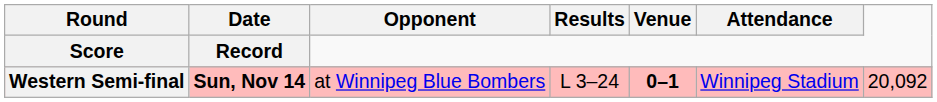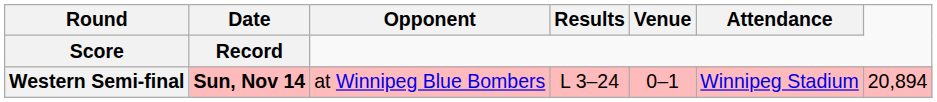 <table class="wikitable" style="text-align:center">
 <tr>
 <th>Round</th>
 <th>Date</th>
 <th>Opponent</th>
 <th>Results</th>
 <th>Venue</th>
 <th>Attendance</th>
 </tr>
 <tr>
 <th>Score</th>
 <th>Record</th>
 </tr>
 <tr style="background:#ffbbbb">
 <th>Western Semi-final</th>
 <td><strong>Sun, Nov 14</strong></td>
 <td>at <a href='#'>Winnipeg Blue Bombers</a></td>
 <td>L 3–24</td>
-<td><strong>0–1</strong></td>
+<td>0–1</td>
 <td><a href='#'>Winnipeg Stadium</a></td>
-<td>20,092</td>
+<td>20,894</td>
 </tr>
 </table>
